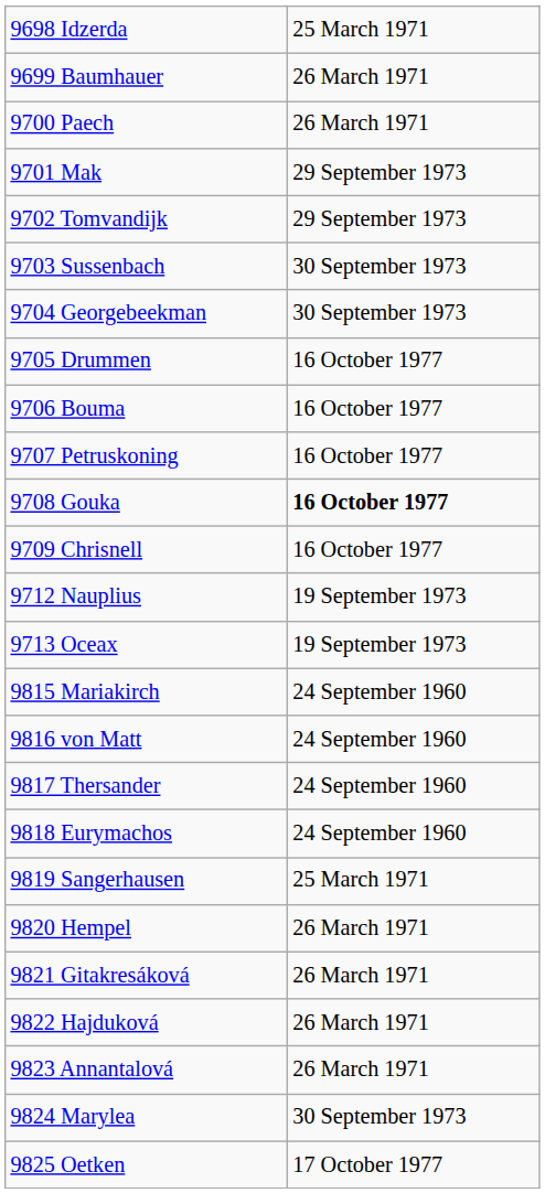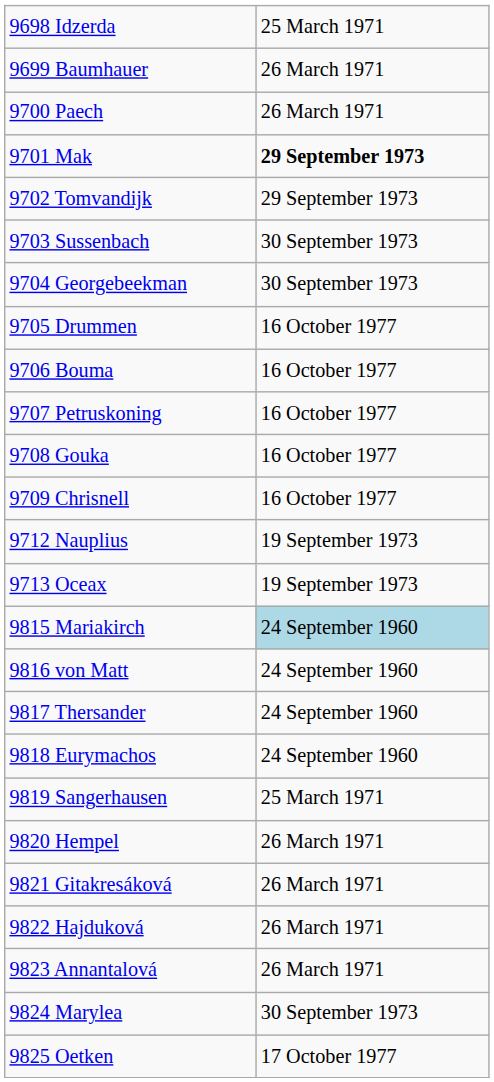 <table class="wikitable" style="font-size: 89%; float: left; width: 24em; margin-right: 1em; line-height: 1.65em">
 <tr>
 <td><a href='#'>9698 Idzerda</a></td>
 <td>25 March 1971</td>
 </tr>
 <tr>
 <td><a href='#'>9699 Baumhauer</a></td>
 <td>26 March 1971</td>
 </tr>
 <tr>
 <td><a href='#'>9700 Paech</a></td>
 <td>26 March 1971</td>
 </tr>
 <tr>
 <td><a href='#'>9701 Mak</a></td>
-<td>29 September 1973</td>
+<td><strong>29 September 1973</strong></td>
 </tr>
 <tr>
 <td><a href='#'>9702 Tomvandijk</a></td>
 <td>29 September 1973</td>
 </tr>
 <tr>
 <td><a href='#'>9703 Sussenbach</a></td>
 <td>30 September 1973</td>
 </tr>
 <tr>
 <td><a href='#'>9704 Georgebeekman</a></td>
 <td>30 September 1973</td>
 </tr>
 <tr>
 <td><a href='#'>9705 Drummen</a></td>
 <td>16 October 1977</td>
 </tr>
 <tr>
 <td><a href='#'>9706 Bouma</a></td>
 <td>16 October 1977</td>
 </tr>
 <tr>
 <td><a href='#'>9707 Petruskoning</a></td>
 <td>16 October 1977</td>
 </tr>
 <tr>
 <td><a href='#'>9708 Gouka</a></td>
-<td><strong>16 October 1977</strong></td>
+<td>16 October 1977</td>
 </tr>
 <tr>
 <td><a href='#'>9709 Chrisnell</a></td>
 <td>16 October 1977</td>
 </tr>
 <tr>
 <td><a href='#'>9712 Nauplius</a></td>
 <td>19 September 1973</td>
 </tr>
 <tr>
 <td><a href='#'>9713 Oceax</a></td>
 <td>19 September 1973</td>
 </tr>
 <tr>
 <td><a href='#'>9815 Mariakirch</a></td>
-<td>24 September 1960</td>
+<td style="background: lightblue;">24 September 1960</td>
 </tr>
 <tr>
 <td><a href='#'>9816 von Matt</a></td>
 <td>24 September 1960</td>
 </tr>
 <tr>
 <td><a href='#'>9817 Thersander</a></td>
 <td>24 September 1960</td>
 </tr>
 <tr>
 <td><a href='#'>9818 Eurymachos</a></td>
 <td>24 September 1960</td>
 </tr>
 <tr>
 <td><a href='#'>9819 Sangerhausen</a></td>
 <td>25 March 1971</td>
 </tr>
 <tr>
 <td><a href='#'>9820 Hempel</a></td>
 <td>26 March 1971</td>
 </tr>
 <tr>
 <td><a href='#'>9821 Gitakresáková</a></td>
 <td>26 March 1971</td>
 </tr>
 <tr>
 <td><a href='#'>9822 Hajduková</a></td>
 <td>26 March 1971</td>
 </tr>
 <tr>
 <td><a href='#'>9823 Annantalová</a></td>
 <td>26 March 1971</td>
 </tr>
 <tr>
 <td><a href='#'>9824 Marylea</a></td>
 <td>30 September 1973</td>
 </tr>
 <tr>
 <td><a href='#'>9825 Oetken</a></td>
 <td>17 October 1977</td>
 </tr>
 </table>
